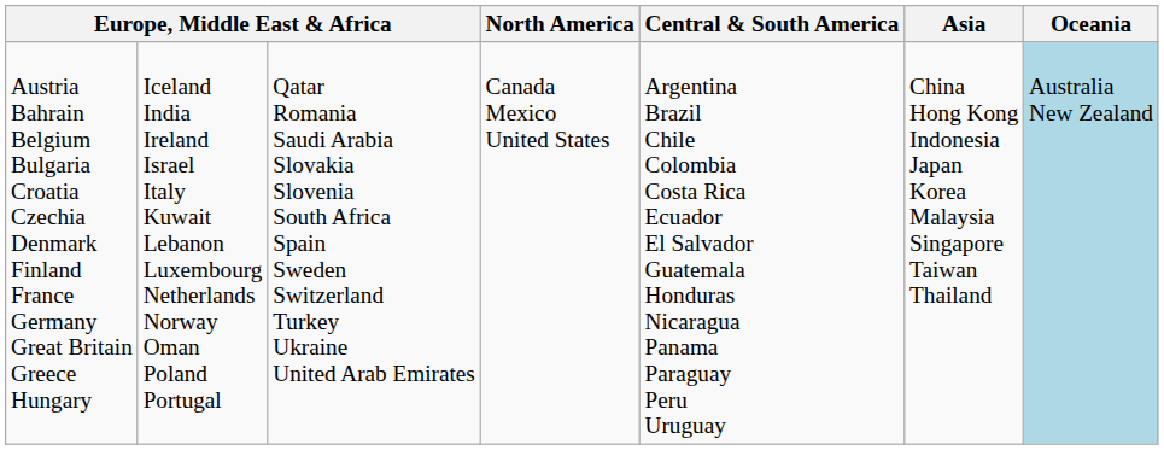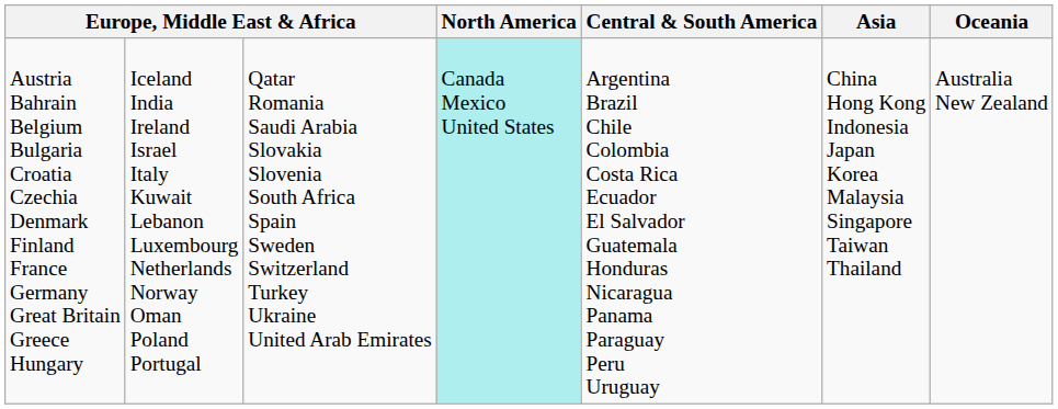 <table class="wikitable">
 <tr>
 <th colspan="3">Europe, Middle East & Africa</th>
 <th>North America</th>
 <th>Central & South America</th>
 <th>Asia</th>
 <th>Oceania</th>
 </tr>
 <tr valign="top">
 <td><br> Austria<br> Bahrain<br> Belgium<br> Bulgaria<br> Croatia<br> Czechia<br> Denmark<br> Finland<br> France<br> Germany<br> Great Britain<br> Greece<br> Hungary</td>
 <td><br> Iceland<br> India<br> Ireland<br> Israel<br> Italy<br> Kuwait<br> Lebanon<br> Luxembourg<br> Netherlands<br> Norway<br> Oman<br> Poland<br> Portugal</td>
 <td><br> Qatar<br> Romania<br> Saudi Arabia<br> Slovakia<br> Slovenia<br> South Africa<br> Spain<br> Sweden<br> Switzerland<br> Turkey<br> Ukraine<br> United Arab Emirates</td>
-<td><br> Canada<br> Mexico<br> United States</td>
+<td style="background: paleturquoise;"><br> Canada<br> Mexico<br> United States</td>
 <td><br> Argentina<br> Brazil<br> Chile<br> Colombia<br> Costa Rica<br> Ecuador<br> El Salvador<br> Guatemala<br> Honduras<br> Nicaragua<br> Panama<br> Paraguay<br> Peru<br> Uruguay</td>
 <td><br> China<br> Hong Kong<br> Indonesia<br> Japan<br> Korea<br> Malaysia<br> Singapore<br> Taiwan<br> Thailand</td>
-<td style="background: lightblue;"><br> Australia<br> New Zealand</td>
+<td><br> Australia<br> New Zealand</td>
 </tr>
 </table>
